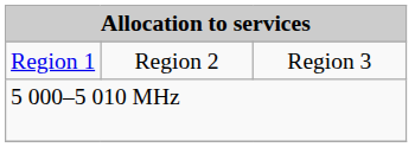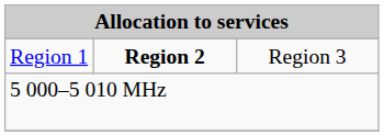 <table class=wikitable>
 <tr bgcolor="#CCCCCC" align="center">
 <td align="center" colspan="3"><strong>Allocation to services</strong></td>
 </tr>
 <tr align="center">
 <td align="center"><a href='#'>Region 1</a></td>
-<td>     Region 2     </td>
+<td><strong>     Region 2     </strong></td>
 <td>     Region 3     </td>
 </tr>
 <tr>
 <td colspan="3">5 000–5 010 MHz<br><br></td>
 </tr>
 <tr>
 </tr>
 </table>
